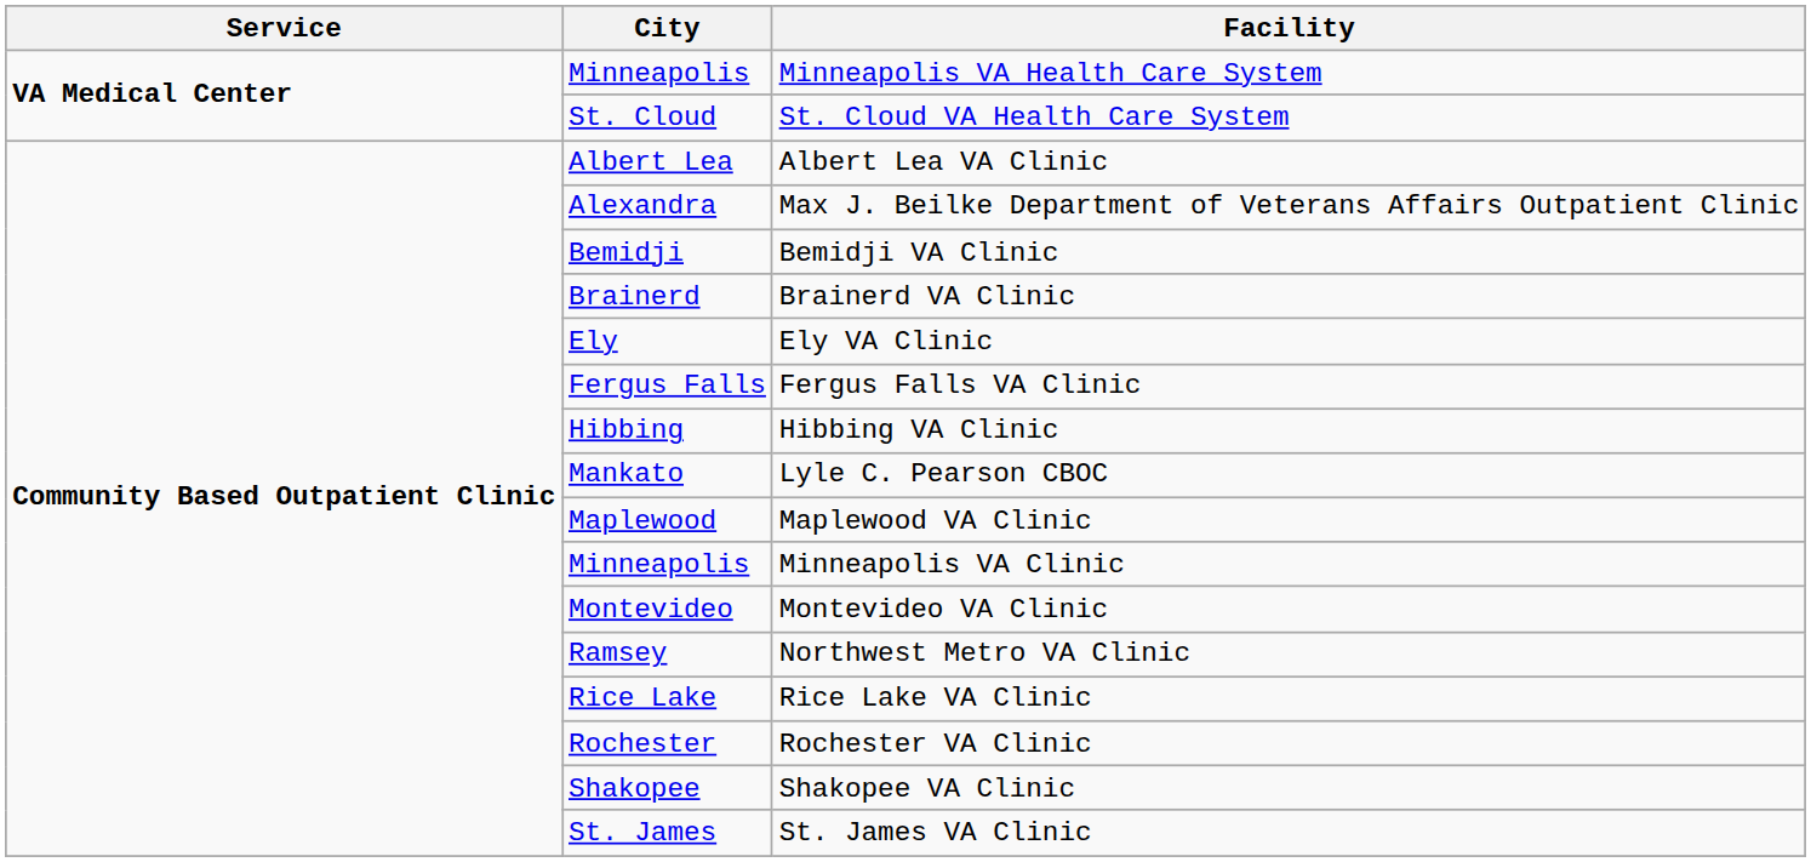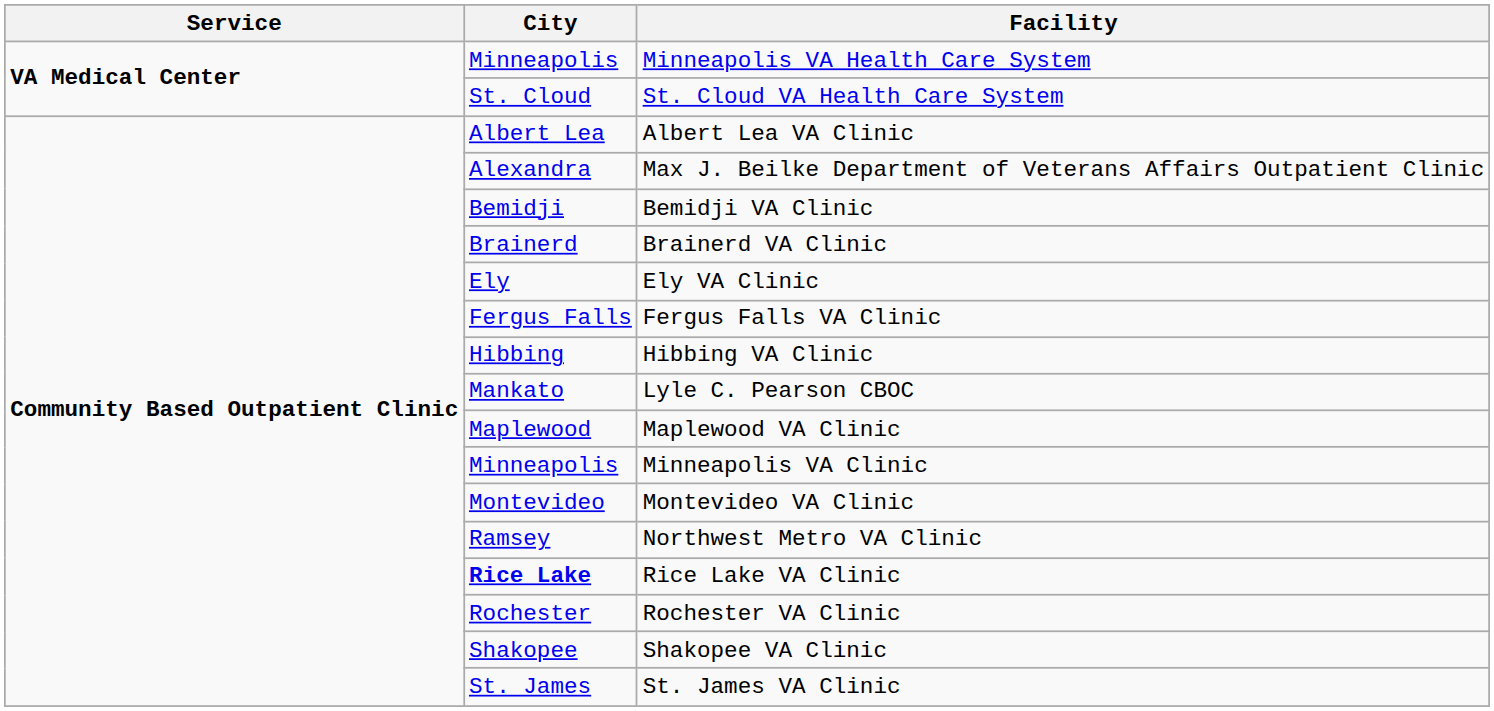 <table class="wikitable">
 <tr>
 <th>Service</th>
 <th>City</th>
 <th>Facility</th>
 </tr>
 <tr>
 <td rowspan=2><strong>VA Medical Center</strong></td>
 <td><a href='#'>Minneapolis</a></td>
 <td><a href='#'>Minneapolis VA Health Care System</a></td>
 </tr>
 <tr>
 <td><a href='#'>St. Cloud</a></td>
 <td><a href='#'>St. Cloud VA Health Care System</a></td>
 </tr>
 <tr>
 <td rowspan=16><strong>Community Based Outpatient Clinic</strong></td>
 <td><a href='#'>Albert Lea</a></td>
 <td>Albert Lea VA Clinic</td>
 </tr>
 <tr>
 <td><a href='#'>Alexandra</a></td>
 <td>Max J. Beilke Department of Veterans Affairs Outpatient Clinic</td>
 </tr>
 <tr>
 <td><a href='#'>Bemidji</a></td>
 <td>Bemidji VA Clinic</td>
 </tr>
 <tr>
 <td><a href='#'>Brainerd</a></td>
 <td>Brainerd VA Clinic</td>
 </tr>
 <tr>
 <td><a href='#'>Ely</a></td>
 <td>Ely VA Clinic</td>
 </tr>
 <tr>
 <td><a href='#'>Fergus Falls</a></td>
 <td>Fergus Falls VA Clinic</td>
 </tr>
 <tr>
 <td><a href='#'>Hibbing</a></td>
 <td>Hibbing VA Clinic</td>
 </tr>
 <tr>
 <td><a href='#'>Mankato</a></td>
 <td>Lyle C. Pearson CBOC</td>
 </tr>
 <tr>
 <td><a href='#'>Maplewood</a></td>
 <td>Maplewood VA Clinic</td>
 </tr>
 <tr>
 <td><a href='#'>Minneapolis</a></td>
 <td>Minneapolis VA Clinic</td>
 </tr>
 <tr>
 <td><a href='#'>Montevideo</a></td>
 <td>Montevideo VA Clinic</td>
 </tr>
 <tr>
 <td><a href='#'>Ramsey</a></td>
 <td>Northwest Metro VA Clinic</td>
 </tr>
 <tr>
-<td><a href='#'>Rice Lake</a></td>
+<td><strong><a href='#'>Rice Lake</a></strong></td>
 <td>Rice Lake VA Clinic</td>
 </tr>
 <tr>
 <td><a href='#'>Rochester</a></td>
 <td>Rochester VA Clinic</td>
 </tr>
 <tr>
 <td><a href='#'>Shakopee</a></td>
 <td>Shakopee VA Clinic</td>
 </tr>
 <tr>
 <td><a href='#'>St. James</a></td>
 <td>St. James VA Clinic</td>
 </tr>
 </table>
